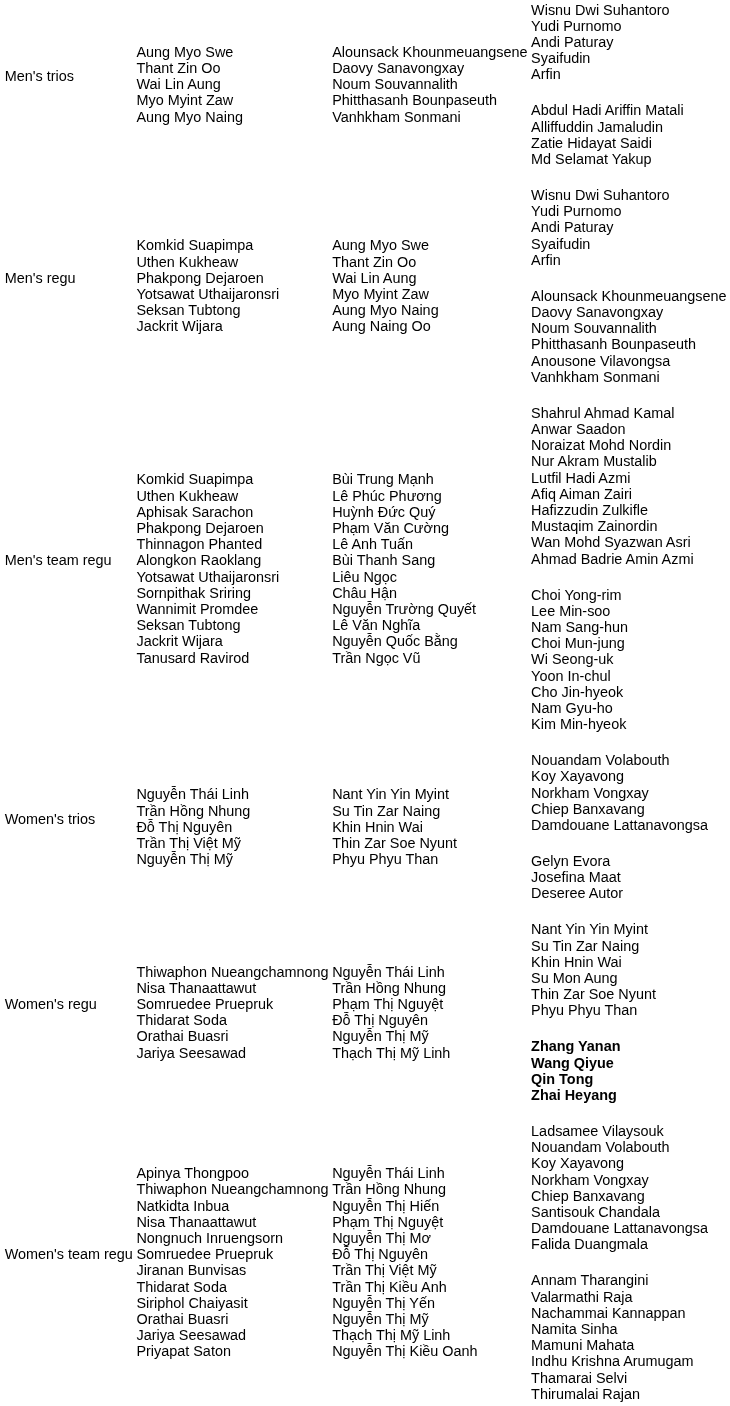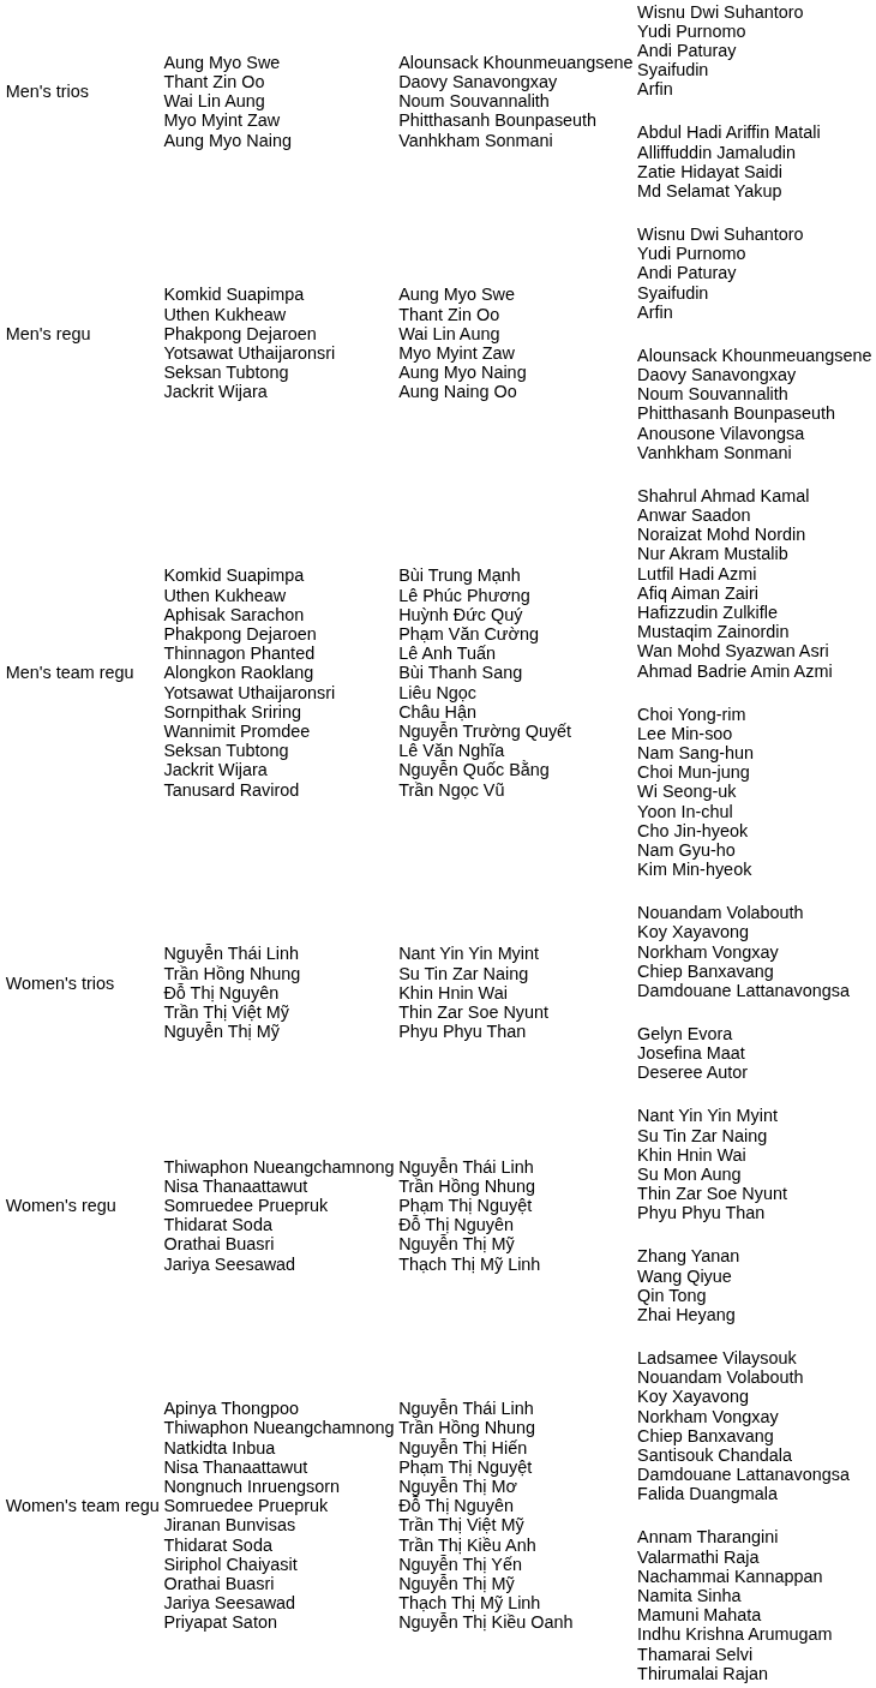 <table>
 <tr>
 <td rowspan=2>Men's trios</td>
 <td rowspan=2><br>Aung Myo Swe<br>Thant Zin Oo<br>Wai Lin Aung<br>Myo Myint Zaw<br>Aung Myo Naing</td>
 <td rowspan=2><br>Alounsack Khounmeuangsene<br>Daovy Sanavongxay<br>Noum Souvannalith<br>Phitthasanh Bounpaseuth<br>Vanhkham Sonmani</td>
 <td><br>Wisnu Dwi Suhantoro<br>Yudi Purnomo<br>Andi Paturay<br>Syaifudin<br>Arfin</td>
 </tr>
 <tr>
 <td><br>Abdul Hadi Ariffin Matali<br>Alliffuddin Jamaludin<br>Zatie Hidayat Saidi<br>Md Selamat Yakup</td>
 </tr>
 <tr>
 <td rowspan=2>Men's regu</td>
 <td rowspan=2><br>Komkid Suapimpa<br>Uthen Kukheaw<br>Phakpong Dejaroen<br>Yotsawat Uthaijaronsri<br>Seksan Tubtong<br>Jackrit Wijara</td>
 <td rowspan=2><br>Aung Myo Swe<br>Thant Zin Oo<br>Wai Lin Aung<br>Myo Myint Zaw<br>Aung Myo Naing<br>Aung Naing Oo</td>
 <td><br>Wisnu Dwi Suhantoro<br>Yudi Purnomo<br>Andi Paturay<br>Syaifudin<br>Arfin</td>
 </tr>
 <tr>
 <td><br>Alounsack Khounmeuangsene<br>Daovy Sanavongxay<br>Noum Souvannalith<br>Phitthasanh Bounpaseuth<br>Anousone Vilavongsa<br>Vanhkham Sonmani</td>
 </tr>
 <tr>
 <td rowspan=2>Men's team regu</td>
 <td rowspan=2><br>Komkid Suapimpa<br>Uthen Kukheaw<br>Aphisak Sarachon<br>Phakpong Dejaroen<br>Thinnagon Phanted<br>Alongkon Raoklang<br>Yotsawat Uthaijaronsri<br>Sornpithak Sriring<br>Wannimit Promdee<br>Seksan Tubtong<br>Jackrit Wijara<br>Tanusard Ravirod</td>
 <td rowspan=2><br>Bùi Trung Mạnh<br>Lê Phúc Phương<br>Huỳnh Đức Quý<br>Phạm Văn Cường<br>Lê Anh Tuấn<br>Bùi Thanh Sang<br>Liêu Ngọc<br>Châu Hận<br>Nguyễn Trường Quyết<br>Lê Văn Nghĩa<br>Nguyễn Quốc Bằng<br>Trần Ngọc Vũ</td>
 <td><br>Shahrul Ahmad Kamal<br>Anwar Saadon<br>Noraizat Mohd Nordin<br>Nur Akram Mustalib<br>Lutfil Hadi Azmi<br>Afiq Aiman Zairi<br>Hafizzudin Zulkifle<br>Mustaqim Zainordin<br>Wan Mohd Syazwan Asri<br>Ahmad Badrie Amin Azmi</td>
 </tr>
 <tr>
 <td><br>Choi Yong-rim<br>Lee Min-soo<br>Nam Sang-hun<br>Choi Mun-jung<br>Wi Seong-uk<br>Yoon In-chul<br>Cho Jin-hyeok<br>Nam Gyu-ho<br>Kim Min-hyeok</td>
 </tr>
 <tr>
 <td rowspan=2>Women's trios</td>
 <td rowspan=2><br>Nguyễn Thái Linh<br>Trần Hồng Nhung<br>Đỗ Thị Nguyên<br>Trần Thị Việt Mỹ<br>Nguyễn Thị Mỹ</td>
 <td rowspan=2><br>Nant Yin Yin Myint<br>Su Tin Zar Naing<br>Khin Hnin Wai<br>Thin Zar Soe Nyunt<br>Phyu Phyu Than</td>
 <td><br>Nouandam Volabouth<br>Koy Xayavong<br>Norkham Vongxay<br>Chiep Banxavang<br>Damdouane Lattanavongsa</td>
 </tr>
 <tr>
 <td><br>Gelyn Evora<br>Josefina Maat<br>Deseree Autor</td>
 </tr>
 <tr>
 <td rowspan=2>Women's regu</td>
 <td rowspan=2><br>Thiwaphon Nueangchamnong<br>Nisa Thanaattawut<br>Somruedee Pruepruk<br>Thidarat Soda<br>Orathai Buasri<br>Jariya Seesawad</td>
 <td rowspan=2><br>Nguyễn Thái Linh<br>Trần Hồng Nhung<br>Phạm Thị Nguyệt<br>Đỗ Thị Nguyên<br>Nguyễn Thị Mỹ<br>Thạch Thị Mỹ Linh</td>
 <td><br>Nant Yin Yin Myint<br>Su Tin Zar Naing<br>Khin Hnin Wai<br>Su Mon Aung<br>Thin Zar Soe Nyunt<br>Phyu Phyu Than</td>
 </tr>
 <tr>
-<td><strong><br>Zhang Yanan<br>Wang Qiyue<br>Qin Tong<br>Zhai Heyang</strong></td>
+<td><br>Zhang Yanan<br>Wang Qiyue<br>Qin Tong<br>Zhai Heyang</td>
 </tr>
 <tr>
 <td rowspan=2>Women's team regu</td>
 <td rowspan=2><br>Apinya Thongpoo<br>Thiwaphon Nueangchamnong<br>Natkidta Inbua<br>Nisa Thanaattawut<br>Nongnuch Inruengsorn<br>Somruedee Pruepruk<br>Jiranan Bunvisas<br>Thidarat Soda<br>Siriphol Chaiyasit<br>Orathai Buasri<br>Jariya Seesawad<br>Priyapat Saton</td>
 <td rowspan=2><br>Nguyễn Thái Linh<br>Trần Hồng Nhung<br>Nguyễn Thị Hiến<br>Phạm Thị Nguyệt<br>Nguyễn Thị Mơ<br>Đỗ Thị Nguyên<br>Trần Thị Việt Mỹ<br>Trần Thị Kiều Anh<br>Nguyễn Thị Yến<br>Nguyễn Thị Mỹ<br>Thạch Thị Mỹ Linh<br>Nguyễn Thị Kiều Oanh</td>
 <td><br>Ladsamee Vilaysouk<br>Nouandam Volabouth<br>Koy Xayavong<br>Norkham Vongxay<br>Chiep Banxavang<br>Santisouk Chandala<br>Damdouane Lattanavongsa<br>Falida Duangmala</td>
 </tr>
 <tr>
 <td><br>Annam Tharangini<br>Valarmathi Raja<br>Nachammai Kannappan<br>Namita Sinha<br>Mamuni Mahata<br>Indhu Krishna Arumugam<br>Thamarai Selvi<br>Thirumalai Rajan</td>
 </tr>
 </table>
